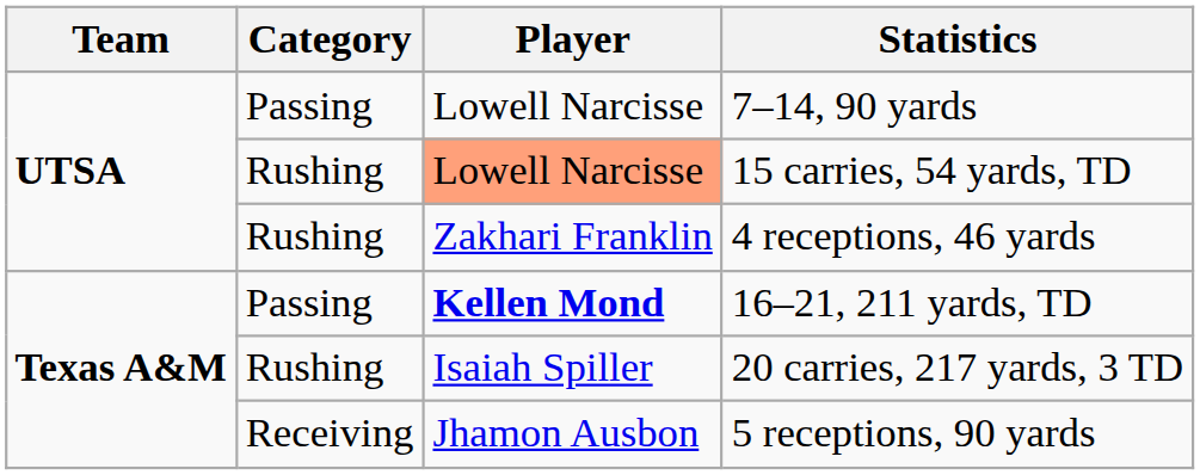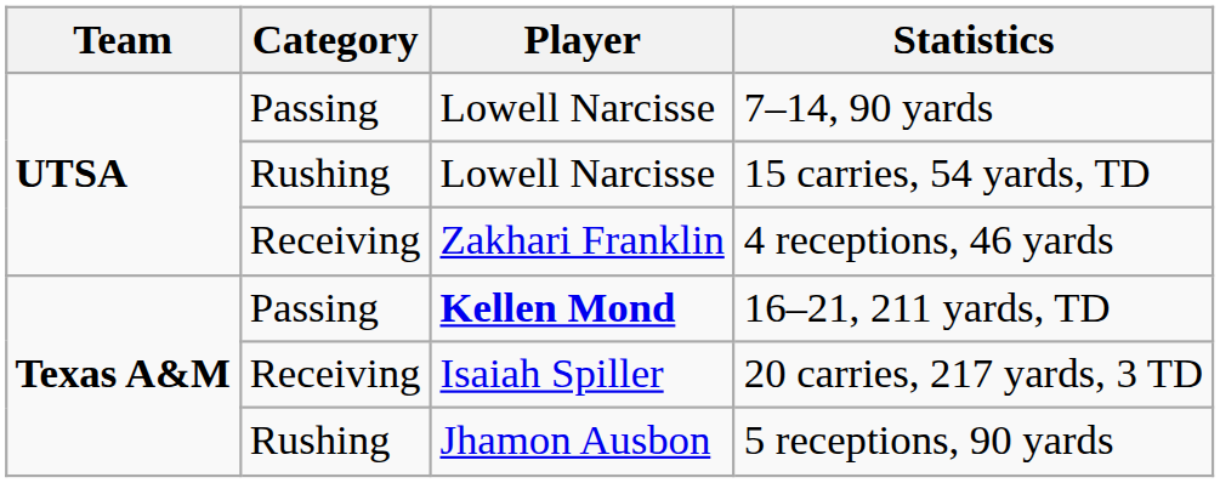 <table class="wikitable" style="float: right;">
 <tr>
 <th>Team</th>
 <th>Category</th>
 <th>Player</th>
 <th>Statistics</th>
 </tr>
 <tr>
 <td rowspan=3><strong>UTSA</strong></td>
 <td>Passing</td>
 <td>Lowell Narcisse</td>
 <td>7–14, 90 yards</td>
 </tr>
 <tr>
 <td>Rushing</td>
-<td style="background: lightsalmon;">Lowell Narcisse</td>
+<td>Lowell Narcisse</td>
 <td>15 carries, 54 yards, TD</td>
 </tr>
 <tr>
-<td>Rushing</td>
+<td>Receiving</td>
 <td><a href='#'>Zakhari Franklin</a></td>
 <td>4 receptions, 46 yards</td>
 </tr>
 <tr>
 <td rowspan=3><strong>Texas A&M</strong></td>
 <td>Passing</td>
 <td><strong><a href='#'>Kellen Mond</a></strong></td>
 <td>16–21, 211 yards, TD</td>
 </tr>
 <tr>
-<td>Rushing</td>
+<td>Receiving</td>
 <td><a href='#'>Isaiah Spiller</a></td>
 <td>20 carries, 217 yards, 3 TD</td>
 </tr>
 <tr>
-<td>Receiving</td>
+<td>Rushing</td>
 <td><a href='#'>Jhamon Ausbon</a></td>
 <td>5 receptions, 90 yards</td>
 </tr>
 </table>
